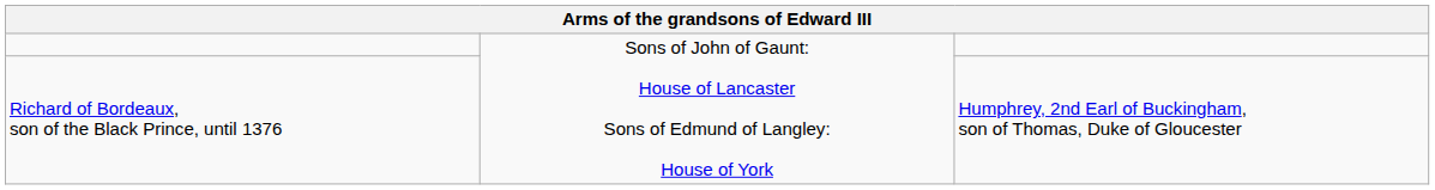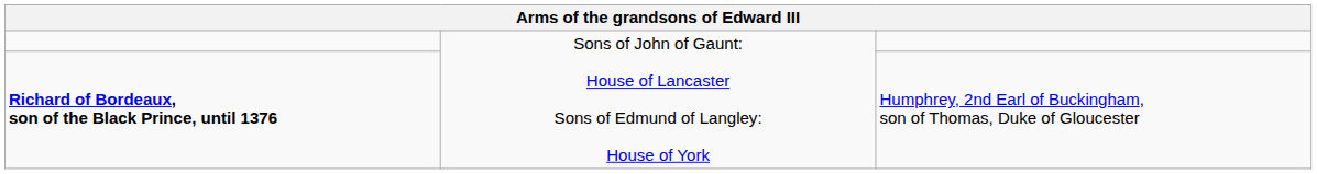 <table class="wikitable" width="100%">
 <tr>
 <th align=center colspan=3>Arms of the grandsons of Edward III</th>
 </tr>
 <tr>
 <td align=center width="33%"></td>
 <td align=center rowspan=2 width="33%">Sons of John of Gaunt:<br><br><a href='#'>House of Lancaster</a><br><br>Sons of Edmund of Langley:<br><br><a href='#'>House of York</a></td>
 <td align=center width="33%"></td>
 </tr>
 <tr>
-<td><a href='#'>Richard of Bordeaux</a>,<br>son of the Black Prince, until 1376</td>
+<td><strong><a href='#'>Richard of Bordeaux</a>,<br>son of the Black Prince, until 1376</strong></td>
 <td><a href='#'>Humphrey, 2nd Earl of Buckingham</a>,<br>son of Thomas, Duke of Gloucester</td>
 </tr>
 </table>
